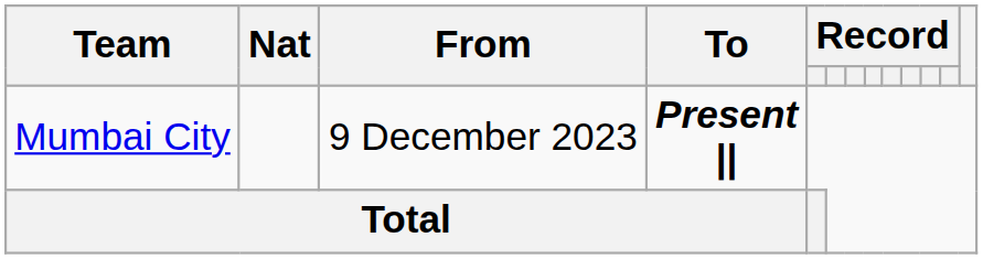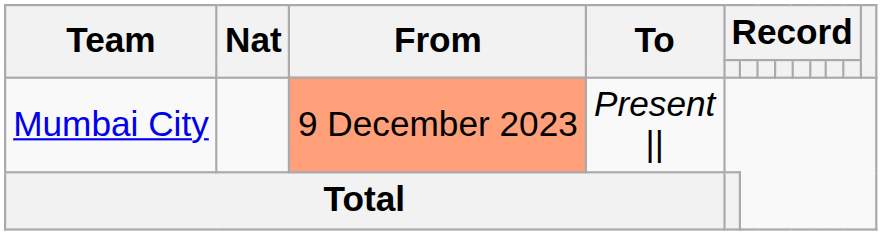 <table class="wikitable" style="text-align:center">
 <tr>
 <th rowspan="2">Team</th>
 <th rowspan="2">Nat</th>
 <th rowspan="2">From</th>
 <th rowspan="2">To</th>
 <th colspan="8">Record</th>
 <th rowspan="2"></th>
 </tr>
 <tr>
 <th></th>
 <th></th>
 <th></th>
 <th></th>
 <th></th>
 <th></th>
 <th></th>
 <th></th>
 </tr>
 <tr>
 <td><a href='#'>Mumbai City</a></td>
 <td></td>
-<td>9 December 2023</td>
-<td><strong><em>Present</em><br>||</strong></td>
+<td style="background: lightsalmon;">9 December 2023</td>
+<td><em>Present</em><br>||</td>
 </tr>
 <tr>
 <th colspan="4">Total<br></th>
 <th></th>
 </tr>
 </table>
